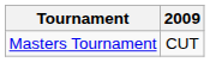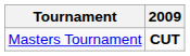 <table class="wikitable" style="font-size:95%;text-align:center;">
 <tr>
 <th>Tournament</th>
 <th>2009</th>
 </tr>
 <tr>
 <td align=left><a href='#'>Masters Tournament</a></td>
-<td>CUT</td>
+<td><strong>CUT</strong></td>
 </tr>
 </table>
